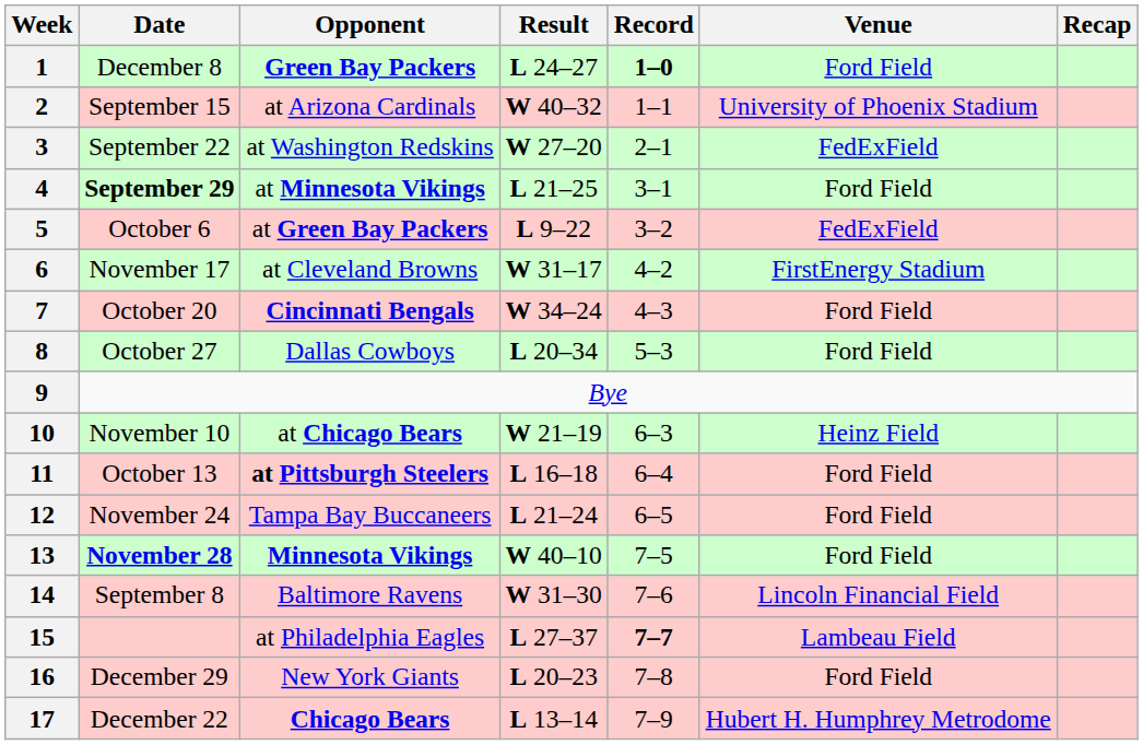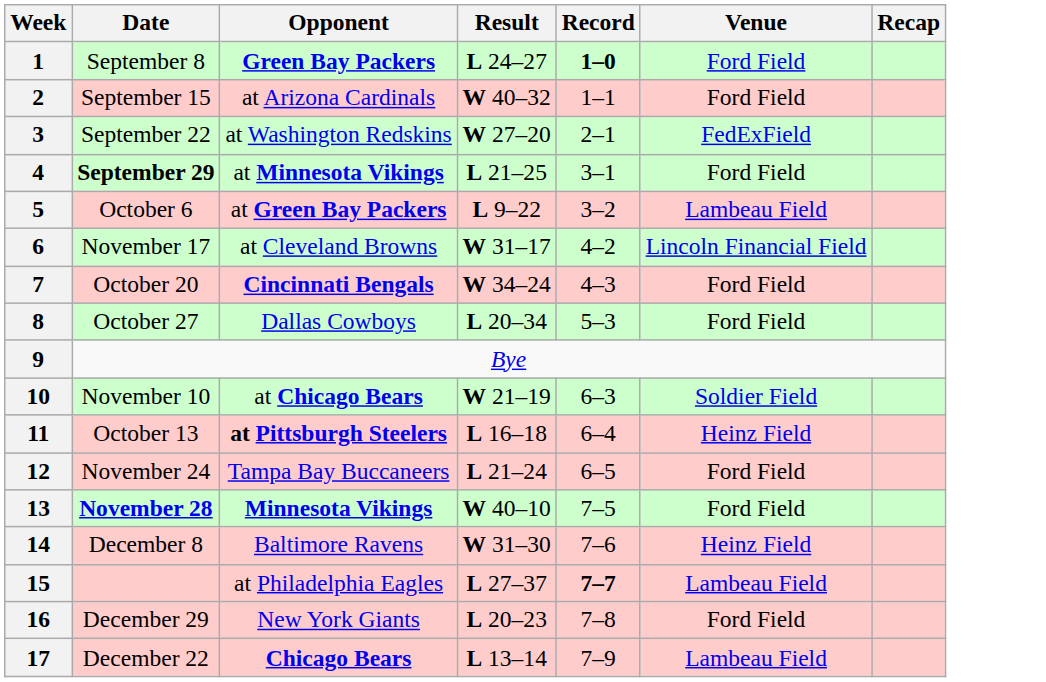 <table class="wikitable" style="text-align:center">
 <tr>
 <th>Week</th>
 <th>Date</th>
 <th>Opponent</th>
 <th>Result</th>
 <th>Record</th>
 <th>Venue</th>
 <th>Recap</th>
 </tr>
 <tr style="background:#cfc">
 <th>1</th>
-<td>December 8</td>
+<td>September 8</td>
 <td><strong><a href='#'>Green Bay Packers</a></strong></td>
 <td><strong>L</strong> 24–27</td>
 <td><strong>1–0</strong></td>
 <td><a href='#'>Ford Field</a></td>
 <td></td>
 </tr>
 <tr style="background:#fcc">
 <th>2</th>
 <td>September 15</td>
 <td>at <a href='#'>Arizona Cardinals</a></td>
 <td><strong>W</strong> 40–32</td>
 <td>1–1</td>
-<td><a href='#'>University of Phoenix Stadium</a></td>
+<td>Ford Field</td>
 <td></td>
 </tr>
 <tr style="background:#cfc">
 <th>3</th>
 <td>September 22</td>
 <td>at <a href='#'>Washington Redskins</a></td>
 <td><strong>W</strong> 27–20</td>
 <td>2–1</td>
 <td><a href='#'>FedExField</a></td>
 <td></td>
 </tr>
 <tr style="background:#cfc">
 <th>4</th>
 <td><strong>September 29</strong></td>
 <td>at <strong><a href='#'>Minnesota Vikings</a></strong></td>
 <td><strong>L</strong> 21–25</td>
 <td>3–1</td>
 <td>Ford Field</td>
 <td></td>
 </tr>
 <tr style="background:#fcc">
 <th>5</th>
 <td>October 6</td>
 <td>at <strong><a href='#'>Green Bay Packers</a></strong></td>
 <td><strong>L</strong> 9–22</td>
 <td>3–2</td>
-<td><a href='#'>FedExField</a></td>
+<td><a href='#'>Lambeau Field</a></td>
 <td></td>
 </tr>
 <tr style="background:#cfc">
 <th>6</th>
 <td>November 17</td>
 <td>at <a href='#'>Cleveland Browns</a></td>
 <td><strong>W</strong> 31–17</td>
 <td>4–2</td>
-<td><a href='#'>FirstEnergy Stadium</a></td>
+<td><a href='#'>Lincoln Financial Field</a></td>
 <td></td>
 </tr>
 <tr style="background:#fcc">
 <th>7</th>
 <td>October 20</td>
 <td><strong><a href='#'>Cincinnati Bengals</a></strong></td>
 <td><strong>W</strong> 34–24</td>
 <td>4–3</td>
 <td>Ford Field</td>
 <td></td>
 </tr>
 <tr style="background:#cfc">
 <th>8</th>
 <td>October 27</td>
 <td><a href='#'>Dallas Cowboys</a></td>
 <td><strong>L</strong> 20–34</td>
 <td>5–3</td>
 <td>Ford Field</td>
 <td></td>
 </tr>
 <tr>
 <th>9</th>
 <td colspan="6"><em><a href='#'>Bye</a></em></td>
 </tr>
 <tr style="background:#cfc">
 <th>10</th>
 <td>November 10</td>
 <td>at <strong><a href='#'>Chicago Bears</a></strong></td>
 <td><strong>W</strong> 21–19</td>
 <td>6–3</td>
-<td><a href='#'>Heinz Field</a></td>
+<td><a href='#'>Soldier Field</a></td>
 <td></td>
 </tr>
 <tr style="background:#fcc">
 <th>11</th>
 <td>October 13</td>
 <td><strong>at <a href='#'>Pittsburgh Steelers</a></strong></td>
 <td><strong>L</strong> 16–18</td>
 <td>6–4</td>
-<td>Ford Field</td>
+<td><a href='#'>Heinz Field</a></td>
 <td></td>
 </tr>
 <tr style="background:#fcc">
 <th>12</th>
 <td>November 24</td>
 <td><a href='#'>Tampa Bay Buccaneers</a></td>
 <td><strong>L</strong> 21–24</td>
 <td>6–5</td>
 <td>Ford Field</td>
 <td></td>
 </tr>
 <tr style="background:#cfc">
 <th>13</th>
 <td><strong><a href='#'>November 28</a></strong></td>
 <td><strong><a href='#'>Minnesota Vikings</a></strong></td>
 <td><strong>W</strong> 40–10</td>
 <td>7–5</td>
 <td>Ford Field</td>
 <td></td>
 </tr>
 <tr style="background:#fcc">
 <th>14</th>
-<td>September 8</td>
+<td>December 8</td>
 <td><a href='#'>Baltimore Ravens</a></td>
 <td><strong>W</strong> 31–30</td>
 <td>7–6</td>
-<td><a href='#'>Lincoln Financial Field</a></td>
+<td><a href='#'>Heinz Field</a></td>
 <td></td>
 </tr>
 <tr style="background:#fcc">
 <th>15</th>
 <td></td>
 <td>at <a href='#'>Philadelphia Eagles</a></td>
 <td><strong>L</strong> 27–37</td>
 <td><strong>7–7</strong></td>
 <td><a href='#'>Lambeau Field</a></td>
 <td></td>
 </tr>
 <tr style="background:#fcc">
 <th>16</th>
 <td>December 29</td>
 <td><a href='#'>New York Giants</a></td>
 <td><strong>L</strong> 20–23 </td>
 <td>7–8</td>
 <td>Ford Field</td>
 <td></td>
 </tr>
 <tr style="background:#fcc">
 <th>17</th>
 <td>December 22</td>
 <td><strong><a href='#'>Chicago Bears</a></strong></td>
 <td><strong>L</strong> 13–14</td>
 <td>7–9</td>
-<td><a href='#'>Hubert H. Humphrey Metrodome</a></td>
+<td><a href='#'>Lambeau Field</a></td>
 <td></td>
 </tr>
 </table>
